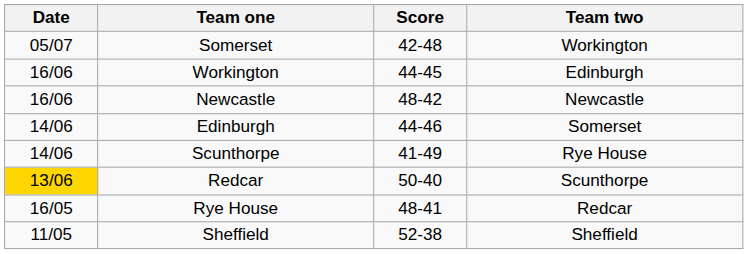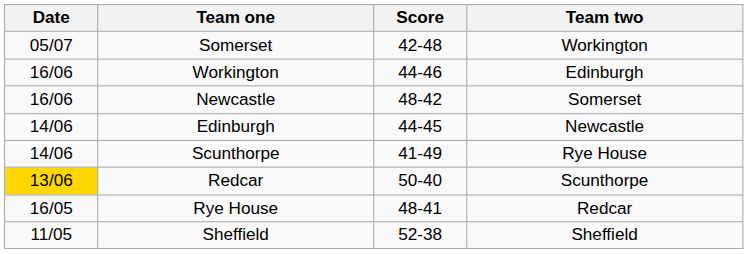 <table class="wikitable" style="text-align: center">
 <tr>
 <th width=80>Date</th>
 <th width=250>Team one</th>
 <th width=80>Score</th>
 <th width=250>Team two</th>
 </tr>
 <tr>
 <td>05/07</td>
 <td>Somerset</td>
 <td>42-48</td>
 <td>Workington</td>
 </tr>
 <tr>
 <td>16/06</td>
 <td>Workington</td>
-<td>44-45</td>
+<td>44-46</td>
 <td>Edinburgh</td>
 </tr>
 <tr>
 <td>16/06</td>
 <td>Newcastle</td>
 <td>48-42</td>
-<td>Newcastle</td>
+<td>Somerset</td>
 </tr>
 <tr>
 <td>14/06</td>
 <td>Edinburgh</td>
-<td>44-46</td>
-<td>Somerset</td>
+<td>44-45</td>
+<td>Newcastle</td>
 </tr>
 <tr>
 <td>14/06</td>
 <td>Scunthorpe</td>
 <td>41-49</td>
 <td>Rye House</td>
 </tr>
 <tr>
 <td style="background: gold;">13/06</td>
 <td>Redcar</td>
 <td>50-40</td>
 <td>Scunthorpe</td>
 </tr>
 <tr>
 <td>16/05</td>
 <td>Rye House</td>
 <td>48-41</td>
 <td>Redcar</td>
 </tr>
 <tr>
 <td>11/05</td>
 <td>Sheffield</td>
 <td>52-38</td>
 <td>Sheffield</td>
 </tr>
 </table>
